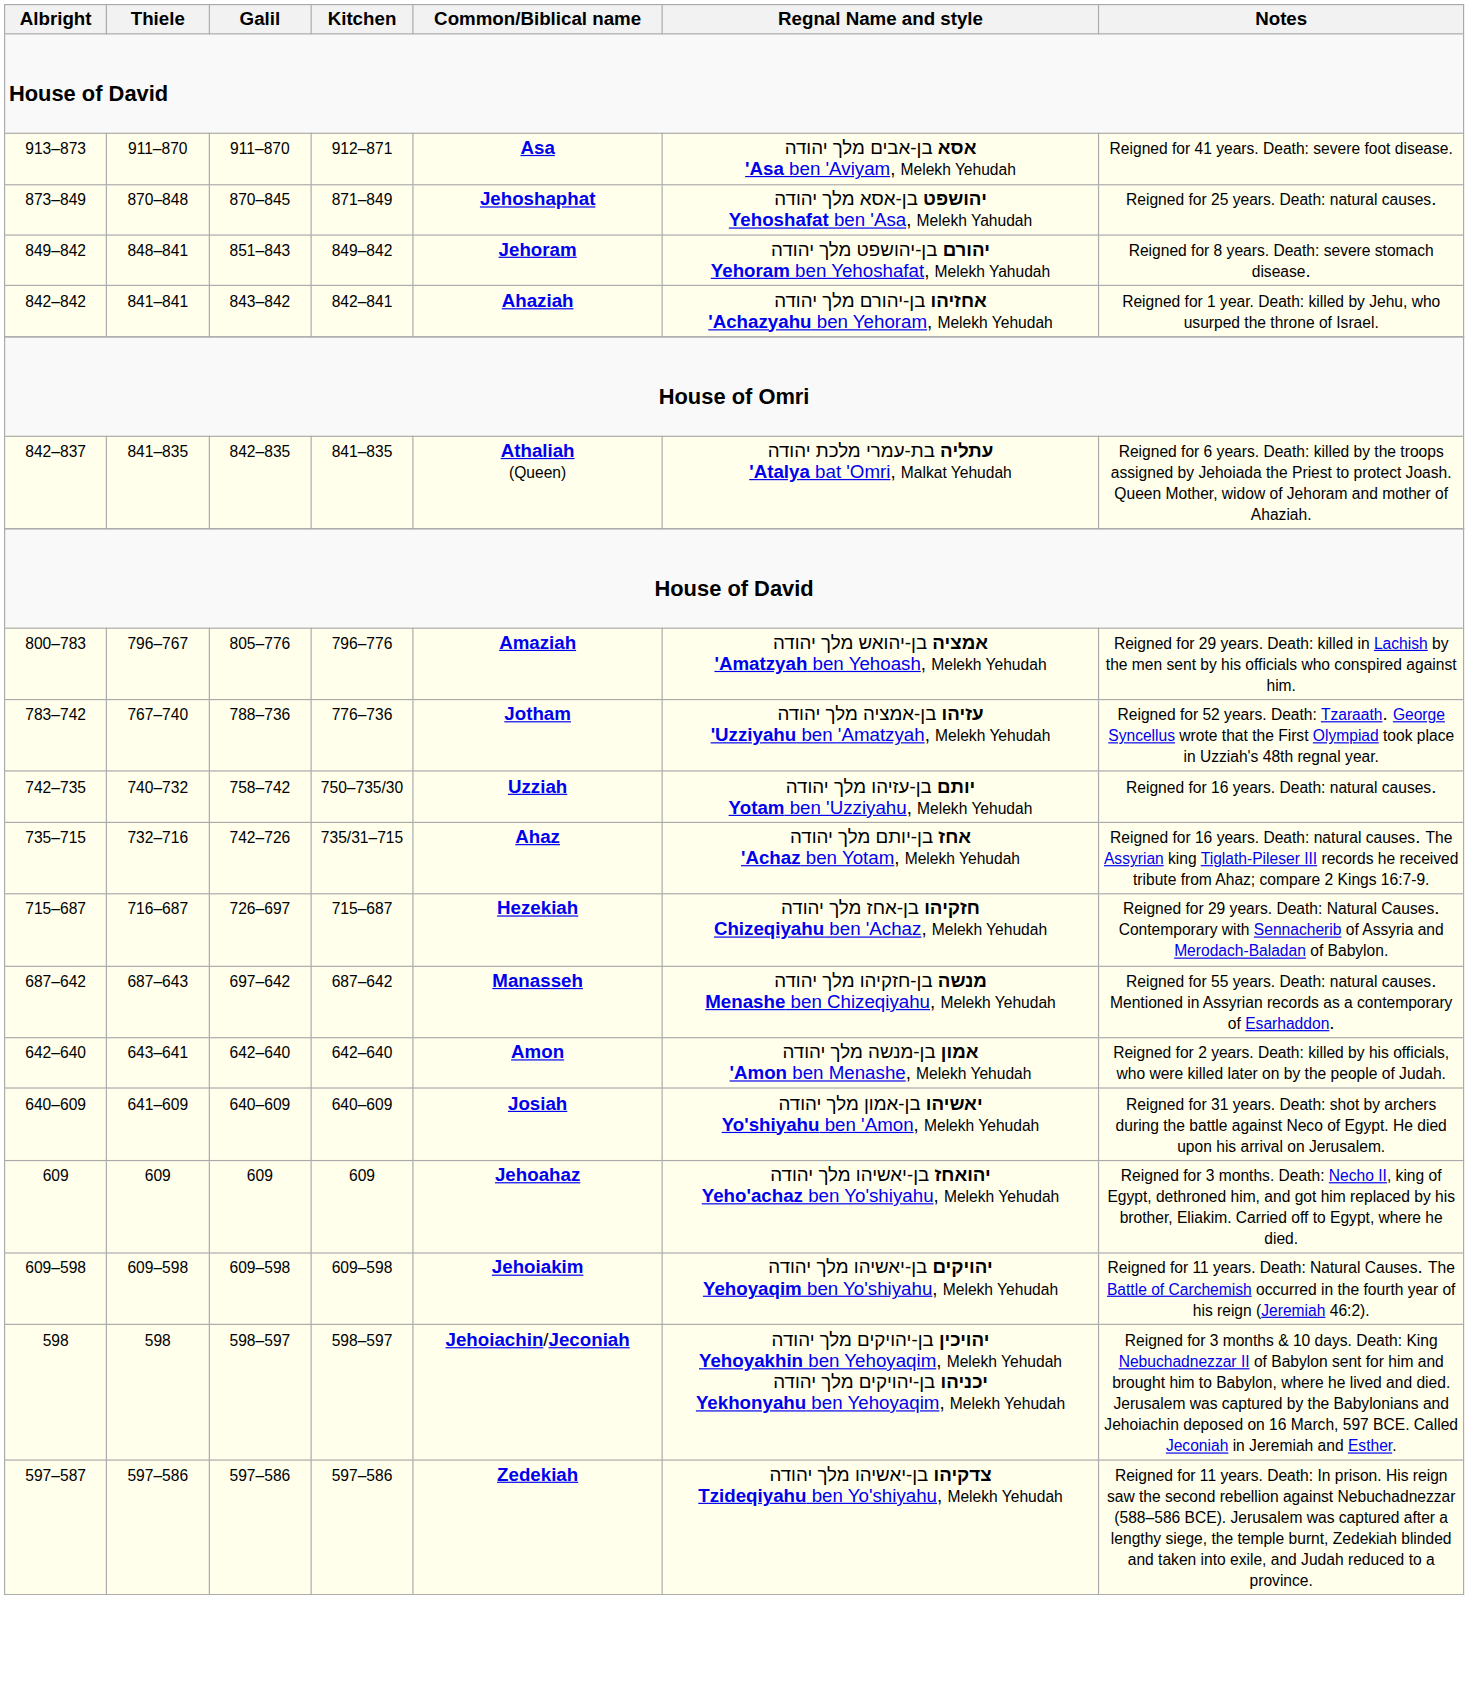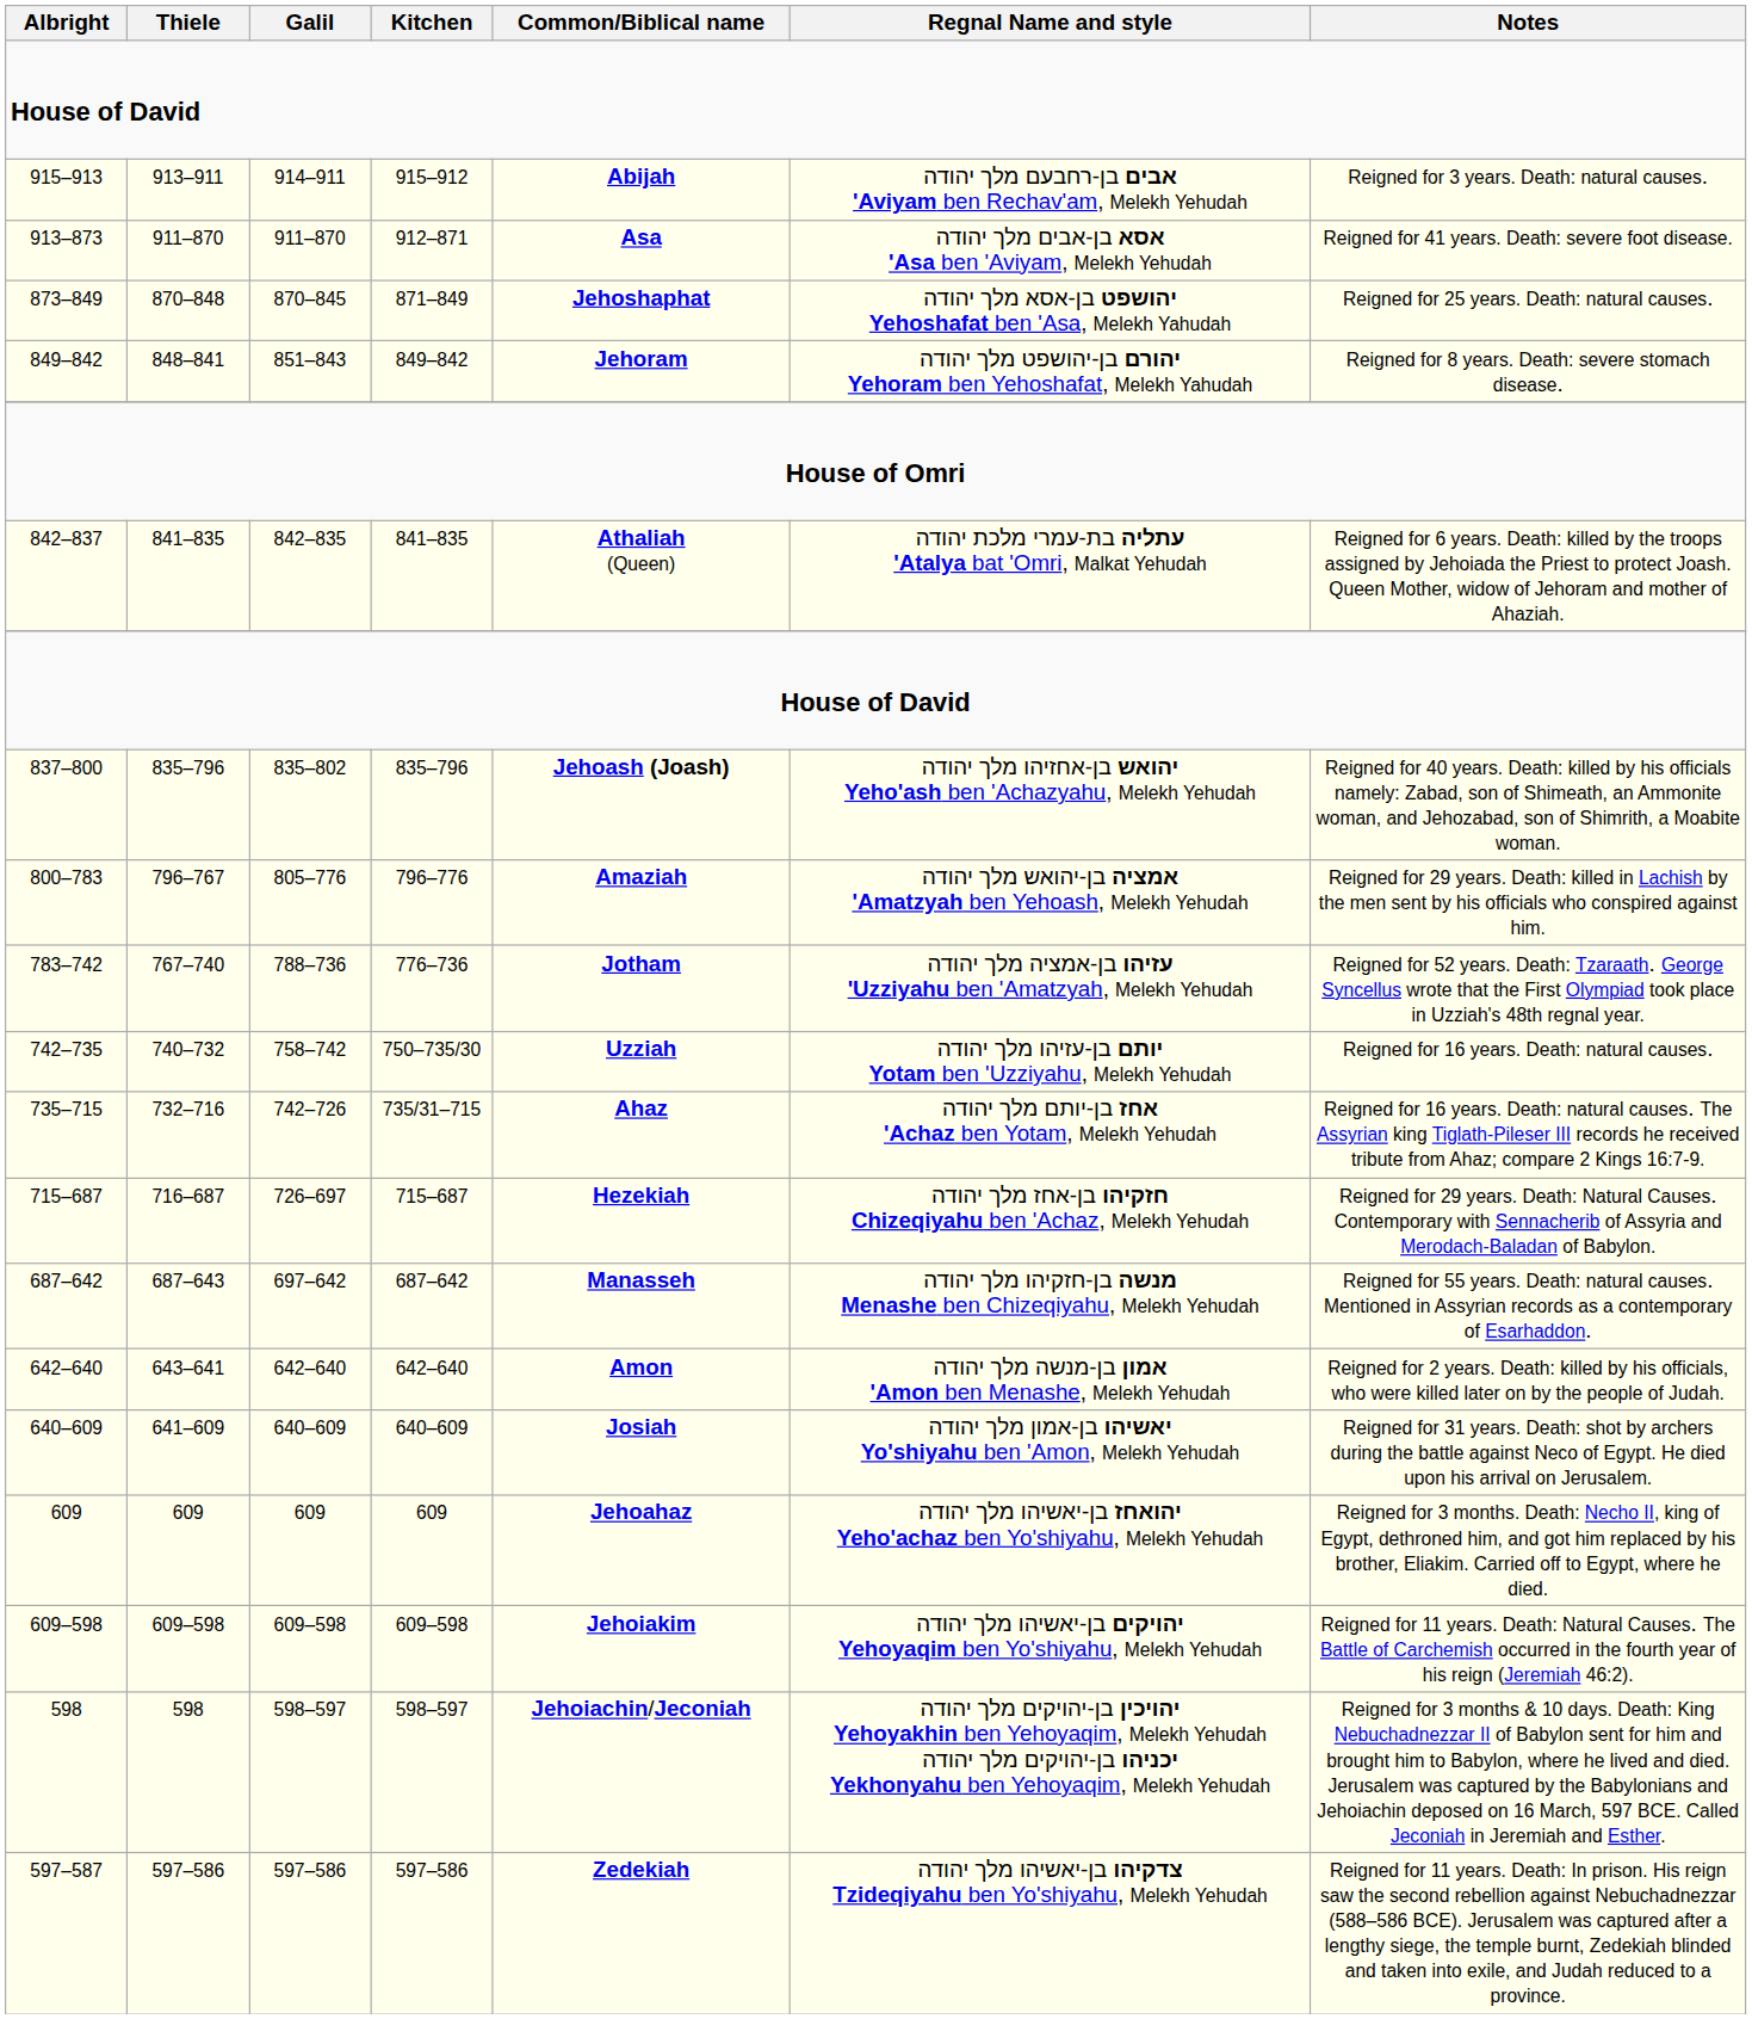 <table class="wikitable" style="align: center;">
 <tr>
 <th style="width:7%;">Albright</th>
 <th style="width:7%;">Thiele</th>
 <th style="width:7%;">Galil</th>
 <th style="width:7%;">Kitchen</th>
 <th>Common/Biblical name</th>
 <th>Regnal Name and style</th>
 <th style="width:25%;">Notes</th>
 </tr>
 <tr>
 <td colspan="7"><br><h3>House of David</h3></td>
+</tr>
+<tr style="background:#ffffec; vertical-align:top; text-align:center;">
+<td><small>915–913</small></td>
+<td><small>913–911</small></td>
+<td><small>914–911</small></td>
+<td><small>915–912</small></td>
+<td><strong><a href='#'>Abijah</a></strong></td>
+<td><strong>אבים</strong> בן-רחבעם מלך יהודה<br><a href='#'><strong>'Aviyam</strong> ben Rechav'am</a>, <small>Melekh Yehudah</small></td>
+<td><small>Reigned for 3 years. Death: natural causes</small>.</td>
 </tr>
 <tr style="background:#ffffec; vertical-align:top; text-align:center;">
 <td><small>913–873</small></td>
 <td><small>911–870</small></td>
 <td><small>911–870</small></td>
 <td><small>912–871</small></td>
 <td><strong><a href='#'>Asa</a></strong></td>
 <td><strong>אסא</strong> בן-אבים מלך יהודה<br><a href='#'><strong>'Asa</strong> ben 'Aviyam</a>, <small>Melekh Yehudah</small></td>
 <td><small>Reigned for 41 years. Death: severe foot disease.</small></td>
 </tr>
 <tr style="background:#ffffec; vertical-align:top; text-align:center;">
 <td><small>873–849</small></td>
 <td><small>870–848</small></td>
 <td><small>870–845</small></td>
 <td><small>871–849</small></td>
 <td><strong><a href='#'>Jehoshaphat</a></strong></td>
 <td><strong>יהושפט</strong> בן-אסא מלך יהודה<br><a href='#'><strong>Yehoshafat</strong> ben 'Asa</a>, <small>Melekh Yahudah</small></td>
 <td><small>Reigned for 25 years. Death: natural causes</small>.</td>
 </tr>
 <tr style="background:#ffffec; vertical-align:top; text-align:center;">
 <td><small>849–842</small></td>
 <td><small>848–841</small></td>
 <td><small>851–843</small></td>
 <td><small>849–842</small></td>
 <td><strong><a href='#'>Jehoram</a></strong></td>
 <td><strong>יהורם</strong> בן-יהושפט מלך יהודה<br><a href='#'><strong>Yehoram</strong> ben Yehoshafat</a>,  <small>Melekh Yahudah</small></td>
 <td><small>Reigned for 8 years. Death: severe stomach disease</small>.</td>
 </tr>
 <tr style="background:#ffffec; vertical-align:top; text-align:center;">
-<td><small>842–842</small></td>
-<td><small>841–841</small></td>
-<td><small>843–842</small></td>
-<td><small>842–841</small></td>
-<td><strong><a href='#'>Ahaziah</a></strong></td>
-<td><strong>אחזיהו</strong> בן-יהורם מלך יהודה<br><a href='#'><strong>'Achazyahu</strong> ben Yehoram</a>,  <small>Melekh Yehudah</small></td>
-<td><small>Reigned for 1 year. Death: killed by Jehu, who usurped the throne of Israel.</small></td>
-</tr>
-<tr style="background:#ffffec; vertical-align:top; text-align:center;">
 </tr>
 <tr>
 <td colspan="7" style="text-align:center;"><br><h3>House of Omri</h3></td>
 </tr>
 <tr style="background:#ffffec; vertical-align:top; text-align:center;">
 <td><small>842–837</small></td>
 <td><small>841–835</small></td>
 <td><small>842–835</small></td>
 <td><small>841–835</small></td>
 <td><strong><a href='#'>Athaliah</a></strong><br><small>(Queen)</small></td>
 <td><strong>עתליה</strong> בת-עמרי מלכת יהודה<br><a href='#'><strong>'Atalya</strong> bat 'Omri</a>, <small>Malkat Yehudah</small></td>
 <td><small>Reigned for 6 years. Death: killed by the troops assigned by Jehoiada the Priest to protect Joash.</small> <small>Queen Mother, widow of Jehoram and mother of Ahaziah.</small></td>
 </tr>
 <tr style="background:#ffffec; vertical-align:top; text-align:center;">
 </tr>
 <tr>
 <td colspan="7" style="text-align:center;"><br><h3>House of David</h3></td>
+</tr>
+<tr style="background:#ffffec; vertical-align:top; text-align:center;">
+<td><small>837–800</small></td>
+<td><small>835–796</small></td>
+<td><small>835–802</small></td>
+<td><small>835–796</small></td>
+<td><strong><a href='#'>Jehoash</a> (Joash)</strong></td>
+<td><strong>יהואש</strong> בן-אחזיהו מלך יהודה<br><a href='#'><strong>Yeho'ash</strong> ben 'Achazyahu</a>, <small>Melekh Yehudah</small></td>
+<td><small>Reigned for 40 years. Death: killed by his officials namely: Zabad, son of Shimeath, an Ammonite woman, and Jehozabad, son of Shimrith, a Moabite woman.</small></td>
 </tr>
 <tr style="background:#ffffec; vertical-align:top; text-align:center;">
 <td><small>800–783</small></td>
 <td><small>796–767</small></td>
 <td><small>805–776</small></td>
 <td><small>796–776</small></td>
 <td><strong><a href='#'>Amaziah</a></strong></td>
 <td><strong>אמציה</strong> בן-יהואש מלך יהודה<br><a href='#'><strong>'Amatzyah</strong> ben Yehoash</a>,  <small>Melekh Yehudah</small></td>
 <td><small>Reigned for 29 years. Death: killed in <a href='#'>Lachish</a> by the men sent by his officials who conspired against him.</small></td>
 </tr>
 <tr style="background:#ffffec; vertical-align:top; text-align:center;">
 <td><small>783–742</small></td>
 <td><small>767–740</small></td>
 <td><small>788–736</small></td>
 <td><small>776–736</small></td>
 <td><strong><a href='#'>Jotham</a></strong></td>
 <td><strong>עזיהו</strong> בן-אמציה מלך יהודה<br><a href='#'><strong>'Uzziyahu</strong> ben 'Amatzyah</a>, <small>Melekh Yehudah</small></td>
 <td><small>Reigned for 52 years. Death: <a href='#'>Tzaraath</a></small>. <small><a href='#'>George Syncellus</a> wrote that the First <a href='#'>Olympiad</a> took place in Uzziah's 48th regnal year.</small></td>
 </tr>
 <tr style="background:#ffffec; vertical-align:top; text-align:center;">
 <td><small>742–735</small></td>
 <td><small>740–732</small></td>
 <td><small>758–742</small></td>
 <td><small>750–735/30</small></td>
 <td><strong><a href='#'>Uzziah</a></strong></td>
 <td><strong>יותם</strong> בן-עזיהו מלך יהודה<br><a href='#'><strong>Yotam</strong> ben 'Uzziyahu</a>, <small>Melekh Yehudah</small></td>
 <td><small>Reigned for 16 years. Death: natural causes</small>.</td>
 </tr>
 <tr style="background:#ffffec; vertical-align:top; text-align:center;">
 <td><small>735–715</small></td>
 <td><small>732–716</small></td>
 <td><small>742–726</small></td>
 <td><small>735/31–715</small></td>
 <td><strong><a href='#'>Ahaz</a></strong></td>
 <td><strong>אחז</strong> בן-יותם מלך יהודה<br><a href='#'><strong>'Achaz</strong> ben Yotam</a>, <small>Melekh Yehudah</small></td>
 <td><small>Reigned for 16 years. Death: natural causes</small>. <small>The <a href='#'>Assyrian</a> king <a href='#'>Tiglath-Pileser III</a> records he received tribute from Ahaz; compare 2 Kings 16:7-9.</small></td>
 </tr>
 <tr style="background:#ffffec; vertical-align:top; text-align:center;">
 <td><small>715–687</small></td>
 <td><small>716–687</small></td>
 <td><small>726–697</small></td>
 <td><small>715–687</small></td>
 <td><strong><a href='#'>Hezekiah</a></strong></td>
 <td><strong>חזקיהו</strong> בן-אחז מלך יהודה<br><a href='#'><strong>Chizeqiyahu</strong> ben 'Achaz</a>, <small>Melekh Yehudah</small></td>
 <td><small>Reigned for 29 years. Death: Natural Causes</small>. <small>Contemporary with <a href='#'>Sennacherib</a> of Assyria and <a href='#'>Merodach-Baladan</a> of Babylon.</small></td>
 </tr>
 <tr style="background:#ffffec; vertical-align:top; text-align:center;">
 <td><small>687–642</small></td>
 <td><small>687–643</small></td>
 <td><small>697–642</small></td>
 <td><small>687–642</small></td>
 <td><strong><a href='#'>Manasseh</a></strong></td>
 <td><strong>מנשה</strong> בן-חזקיהו מלך יהודה<br><a href='#'><strong>Menashe</strong> ben Chizeqiyahu</a>, <small>Melekh Yehudah</small></td>
 <td><small>Reigned for 55 years. Death: natural causes</small>. <small>Mentioned in Assyrian records as a contemporary of <a href='#'>Esarhaddon</a></small>.</td>
 </tr>
 <tr style="background:#ffffec; vertical-align:top; text-align:center;">
 <td><small>642–640</small></td>
 <td><small>643–641</small></td>
 <td><small>642–640</small></td>
 <td><small>642–640</small></td>
 <td><strong><a href='#'>Amon</a></strong></td>
 <td><strong>אמון</strong> בן-מנשה  מלך יהודה<br><a href='#'><strong>'Amon</strong> ben Menashe</a>,  <small>Melekh Yehudah</small></td>
 <td><small>Reigned for 2 years. Death: killed by his officials, who were killed later on by the people of Judah.</small></td>
 </tr>
 <tr style="background:#ffffec; vertical-align:top; text-align:center;">
 <td><small>640–609</small></td>
 <td><small>641–609</small></td>
 <td><small>640–609</small></td>
 <td><small>640–609</small></td>
 <td><strong><a href='#'>Josiah</a></strong></td>
 <td><strong>יאשיהו</strong> בן-אמון  מלך יהודה<br><a href='#'><strong>Yo'shiyahu</strong> ben 'Amon</a>, <small>Melekh Yehudah</small></td>
 <td><small>Reigned for 31 years. Death: shot by archers during the battle against Neco of Egypt. He died upon his arrival on Jerusalem.</small></td>
 </tr>
 <tr style="background:#ffffec; vertical-align:top; text-align:center;">
 <td><small>609</small></td>
 <td><small>609</small></td>
 <td><small>609</small></td>
 <td><small>609</small></td>
 <td><strong><a href='#'>Jehoahaz</a></strong></td>
 <td><strong>יהואחז</strong> בן-יאשיהו מלך יהודה<br><a href='#'><strong>Yeho'achaz</strong> ben Yo'shiyahu</a>,  <small>Melekh Yehudah</small></td>
 <td><small>Reigned for 3 months. Death: <a href='#'>Necho II</a>, king of Egypt, dethroned him, and got him replaced by his brother, Eliakim. Carried off to Egypt, where he died.</small></td>
 </tr>
 <tr style="background:#ffffec; vertical-align:top; text-align:center;">
 <td><small>609–598</small></td>
 <td><small>609–598</small></td>
 <td><small>609–598</small></td>
 <td><small>609–598</small></td>
 <td><strong><a href='#'>Jehoiakim</a></strong></td>
 <td><strong>יהויקים</strong> בן-יאשיהו מלך יהודה<br><a href='#'><strong>Yehoyaqim</strong> ben Yo'shiyahu</a>, <small>Melekh Yehudah</small></td>
 <td><small>Reigned for 11 years. Death: Natural Causes</small>. <small>The <a href='#'>Battle of Carchemish</a> occurred in the fourth year of his reign (<a href='#'>Jeremiah</a> 46:2).</small></td>
 </tr>
 <tr style="background:#ffffec; vertical-align:top; text-align:center;">
 <td><small>598</small></td>
 <td><small>598</small></td>
 <td><small>598–597</small></td>
 <td><small>598–597</small></td>
 <td><strong><a href='#'>Jehoiachin</a></strong>/<strong><a href='#'>Jeconiah</a></strong></td>
 <td><strong>יהויכין</strong> בן-יהויקים מלך יהודה<br><a href='#'><strong>Yehoyakhin</strong> ben Yehoyaqim</a>, <small>Melekh Yehudah</small><br><strong>יכניהו</strong> בן-יהויקים  מלך יהודה<br><a href='#'><strong>Yekhonyahu</strong> ben Yehoyaqim</a>, <small>Melekh Yehudah</small></td>
 <td><small>Reigned for 3 months & 10 days. Death: King <a href='#'>Nebuchadnezzar II</a> of Babylon sent for him and brought him to Babylon, where he lived and died.</small> <small>Jerusalem was captured by the Babylonians and Jehoiachin deposed on 16 March, 597 BCE.  Called <a href='#'>Jeconiah</a> in Jeremiah and <a href='#'>Esther</a>.</small></td>
 </tr>
 <tr style="background:#ffffec; vertical-align:top; text-align:center;">
 <td><small>597–587</small></td>
 <td><small>597–586</small></td>
 <td><small>597–586</small></td>
 <td><small>597–586</small></td>
 <td><strong><a href='#'>Zedekiah</a></strong></td>
 <td><strong>צדקיהו</strong> בן-יאשיהו מלך יהודה<br><a href='#'><strong>Tzideqiyahu</strong> ben Yo'shiyahu</a>, <small>Melekh Yehudah</small></td>
 <td><small>Reigned for 11 years. Death: In prison. </small><small>His reign saw the second rebellion against Nebuchadnezzar (588–586 BCE). Jerusalem was captured after a lengthy siege, the temple burnt, Zedekiah blinded and taken into exile, and Judah reduced to a province.</small></td>
 </tr>
 </table>
